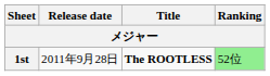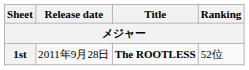 <table class="wikitable" style="font-size:small">
 <tr>
 <th>Sheet</th>
 <th>Release date</th>
 <th>Title</th>
 <th>Ranking</th>
 </tr>
 <tr>
 <th colspan="4">メジャー</th>
 </tr>
 <tr>
 <th>1st</th>
 <td>2011年9月28日</td>
 <td><strong>The ROOTLESS</strong></td>
-<td style="background: lightgreen;">52位</td>
+<td>52位</td>
 </tr>
 </table>
